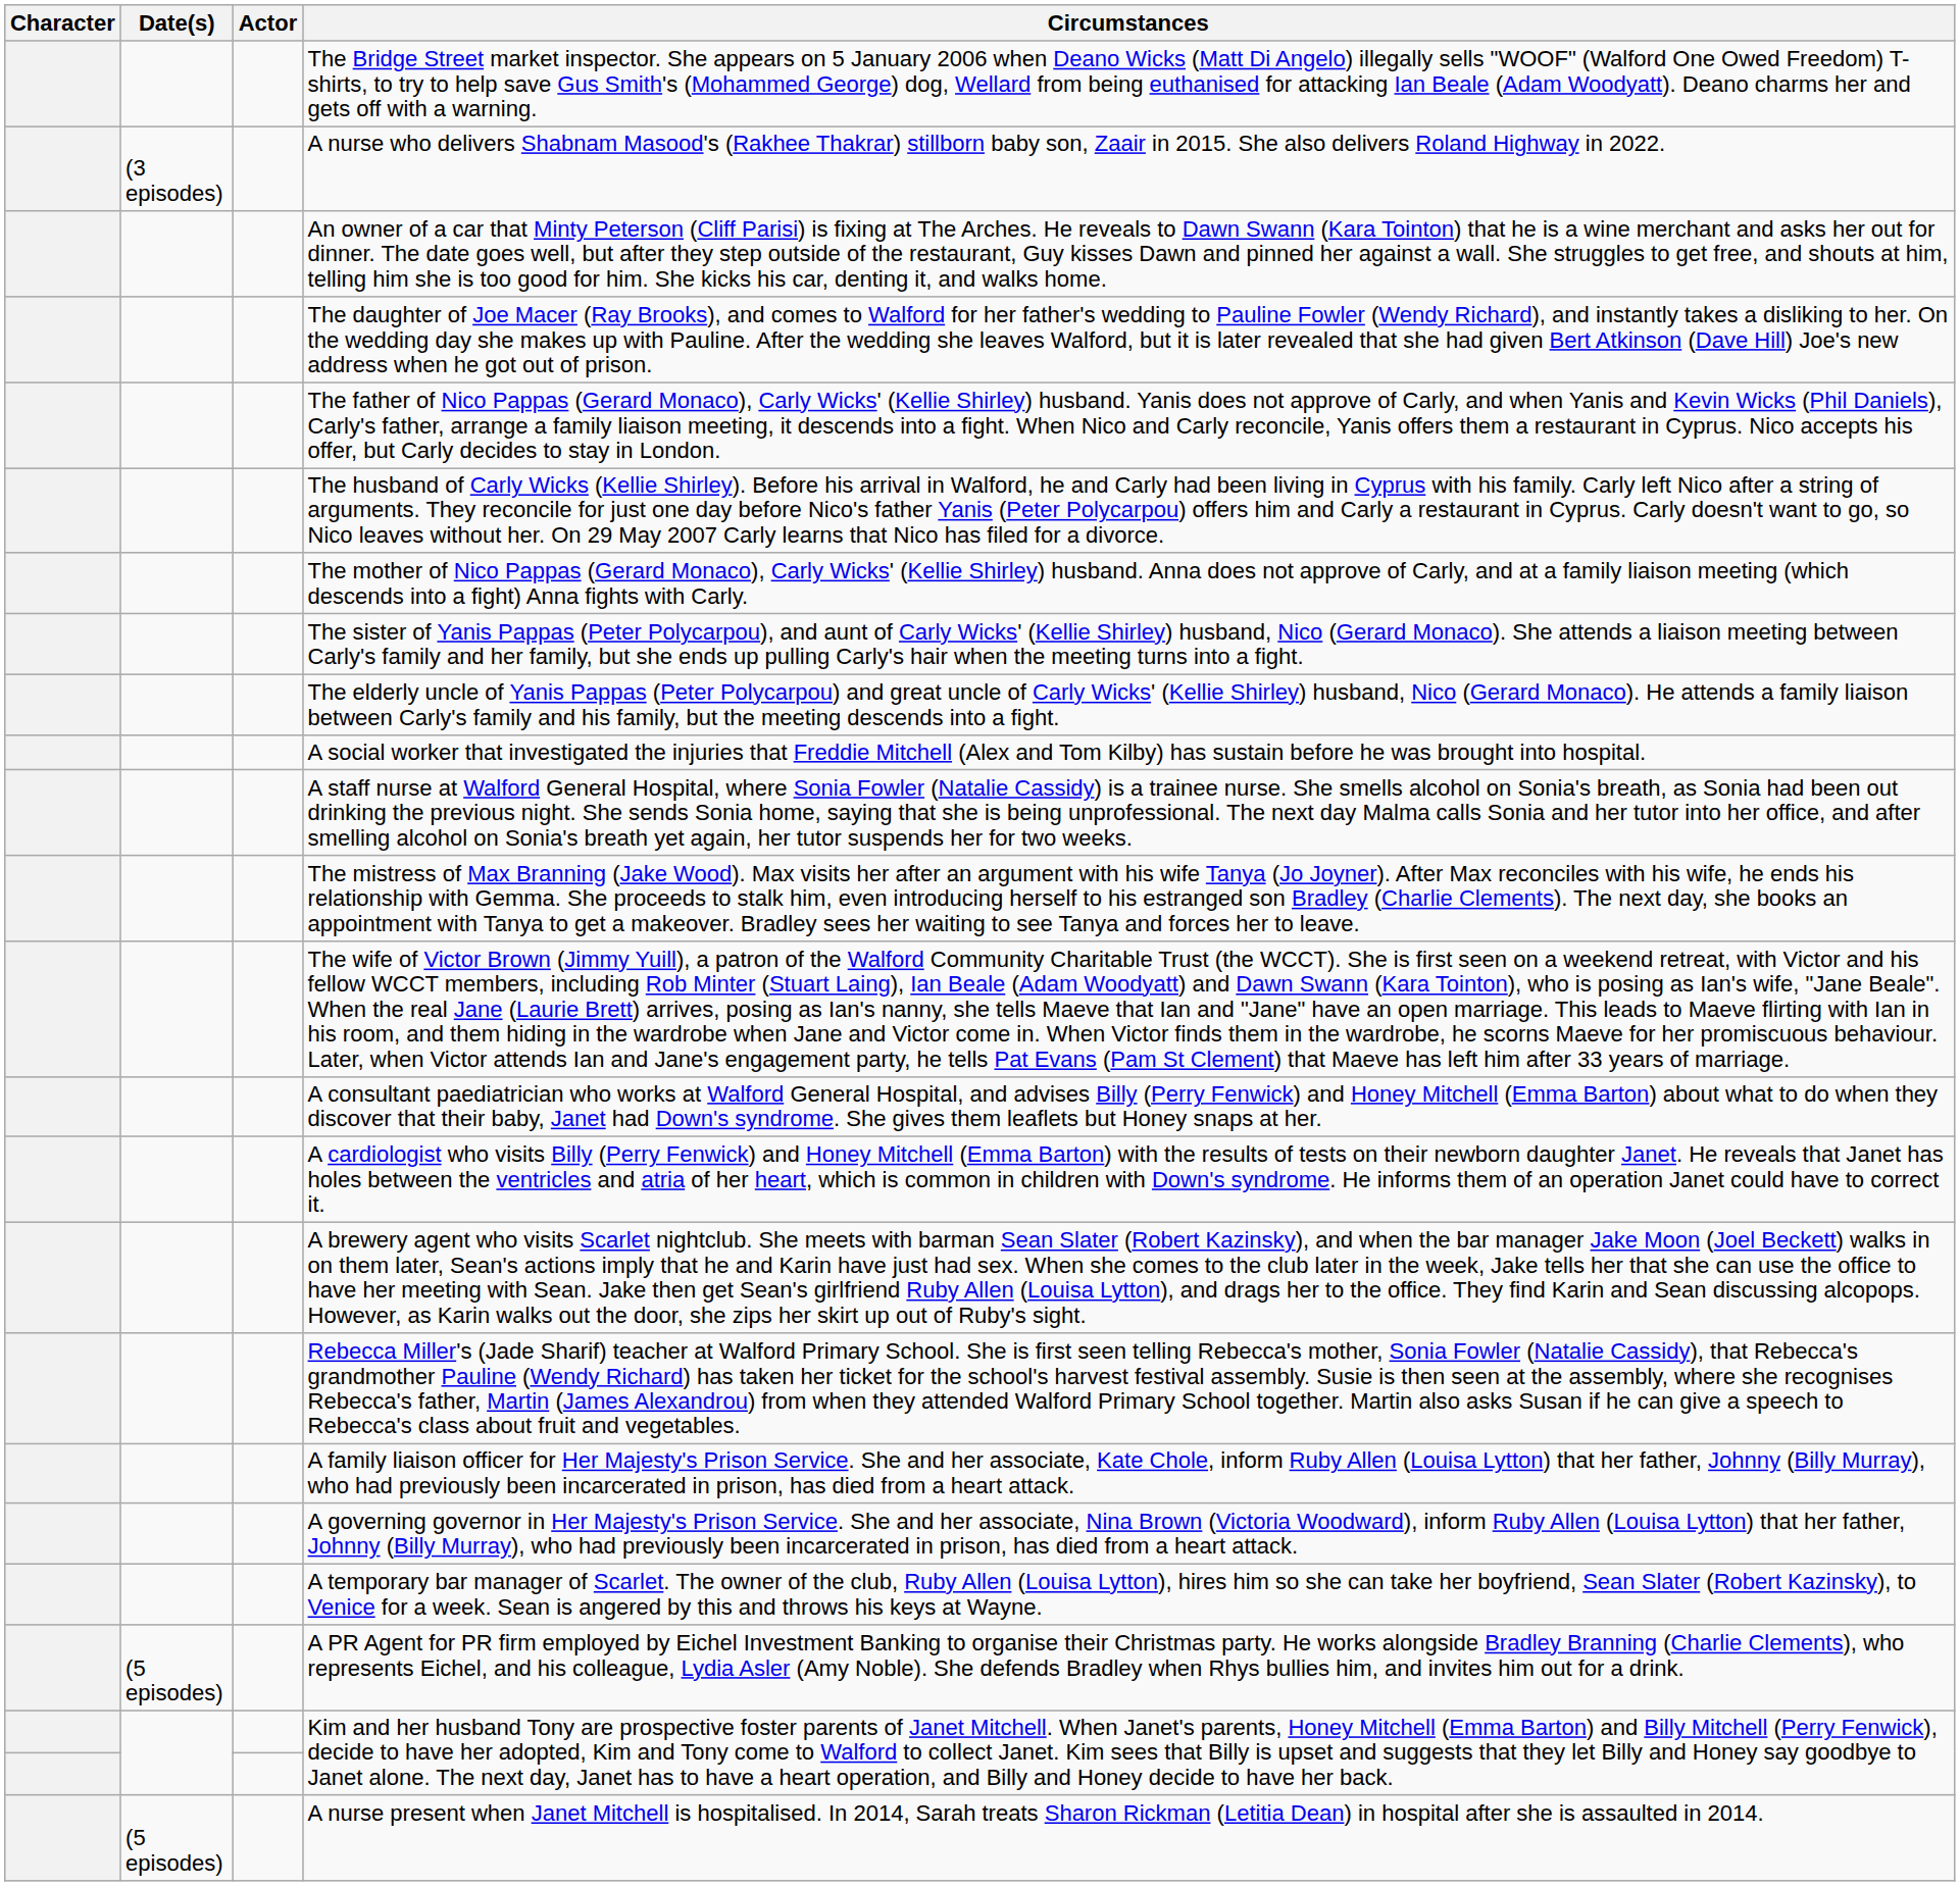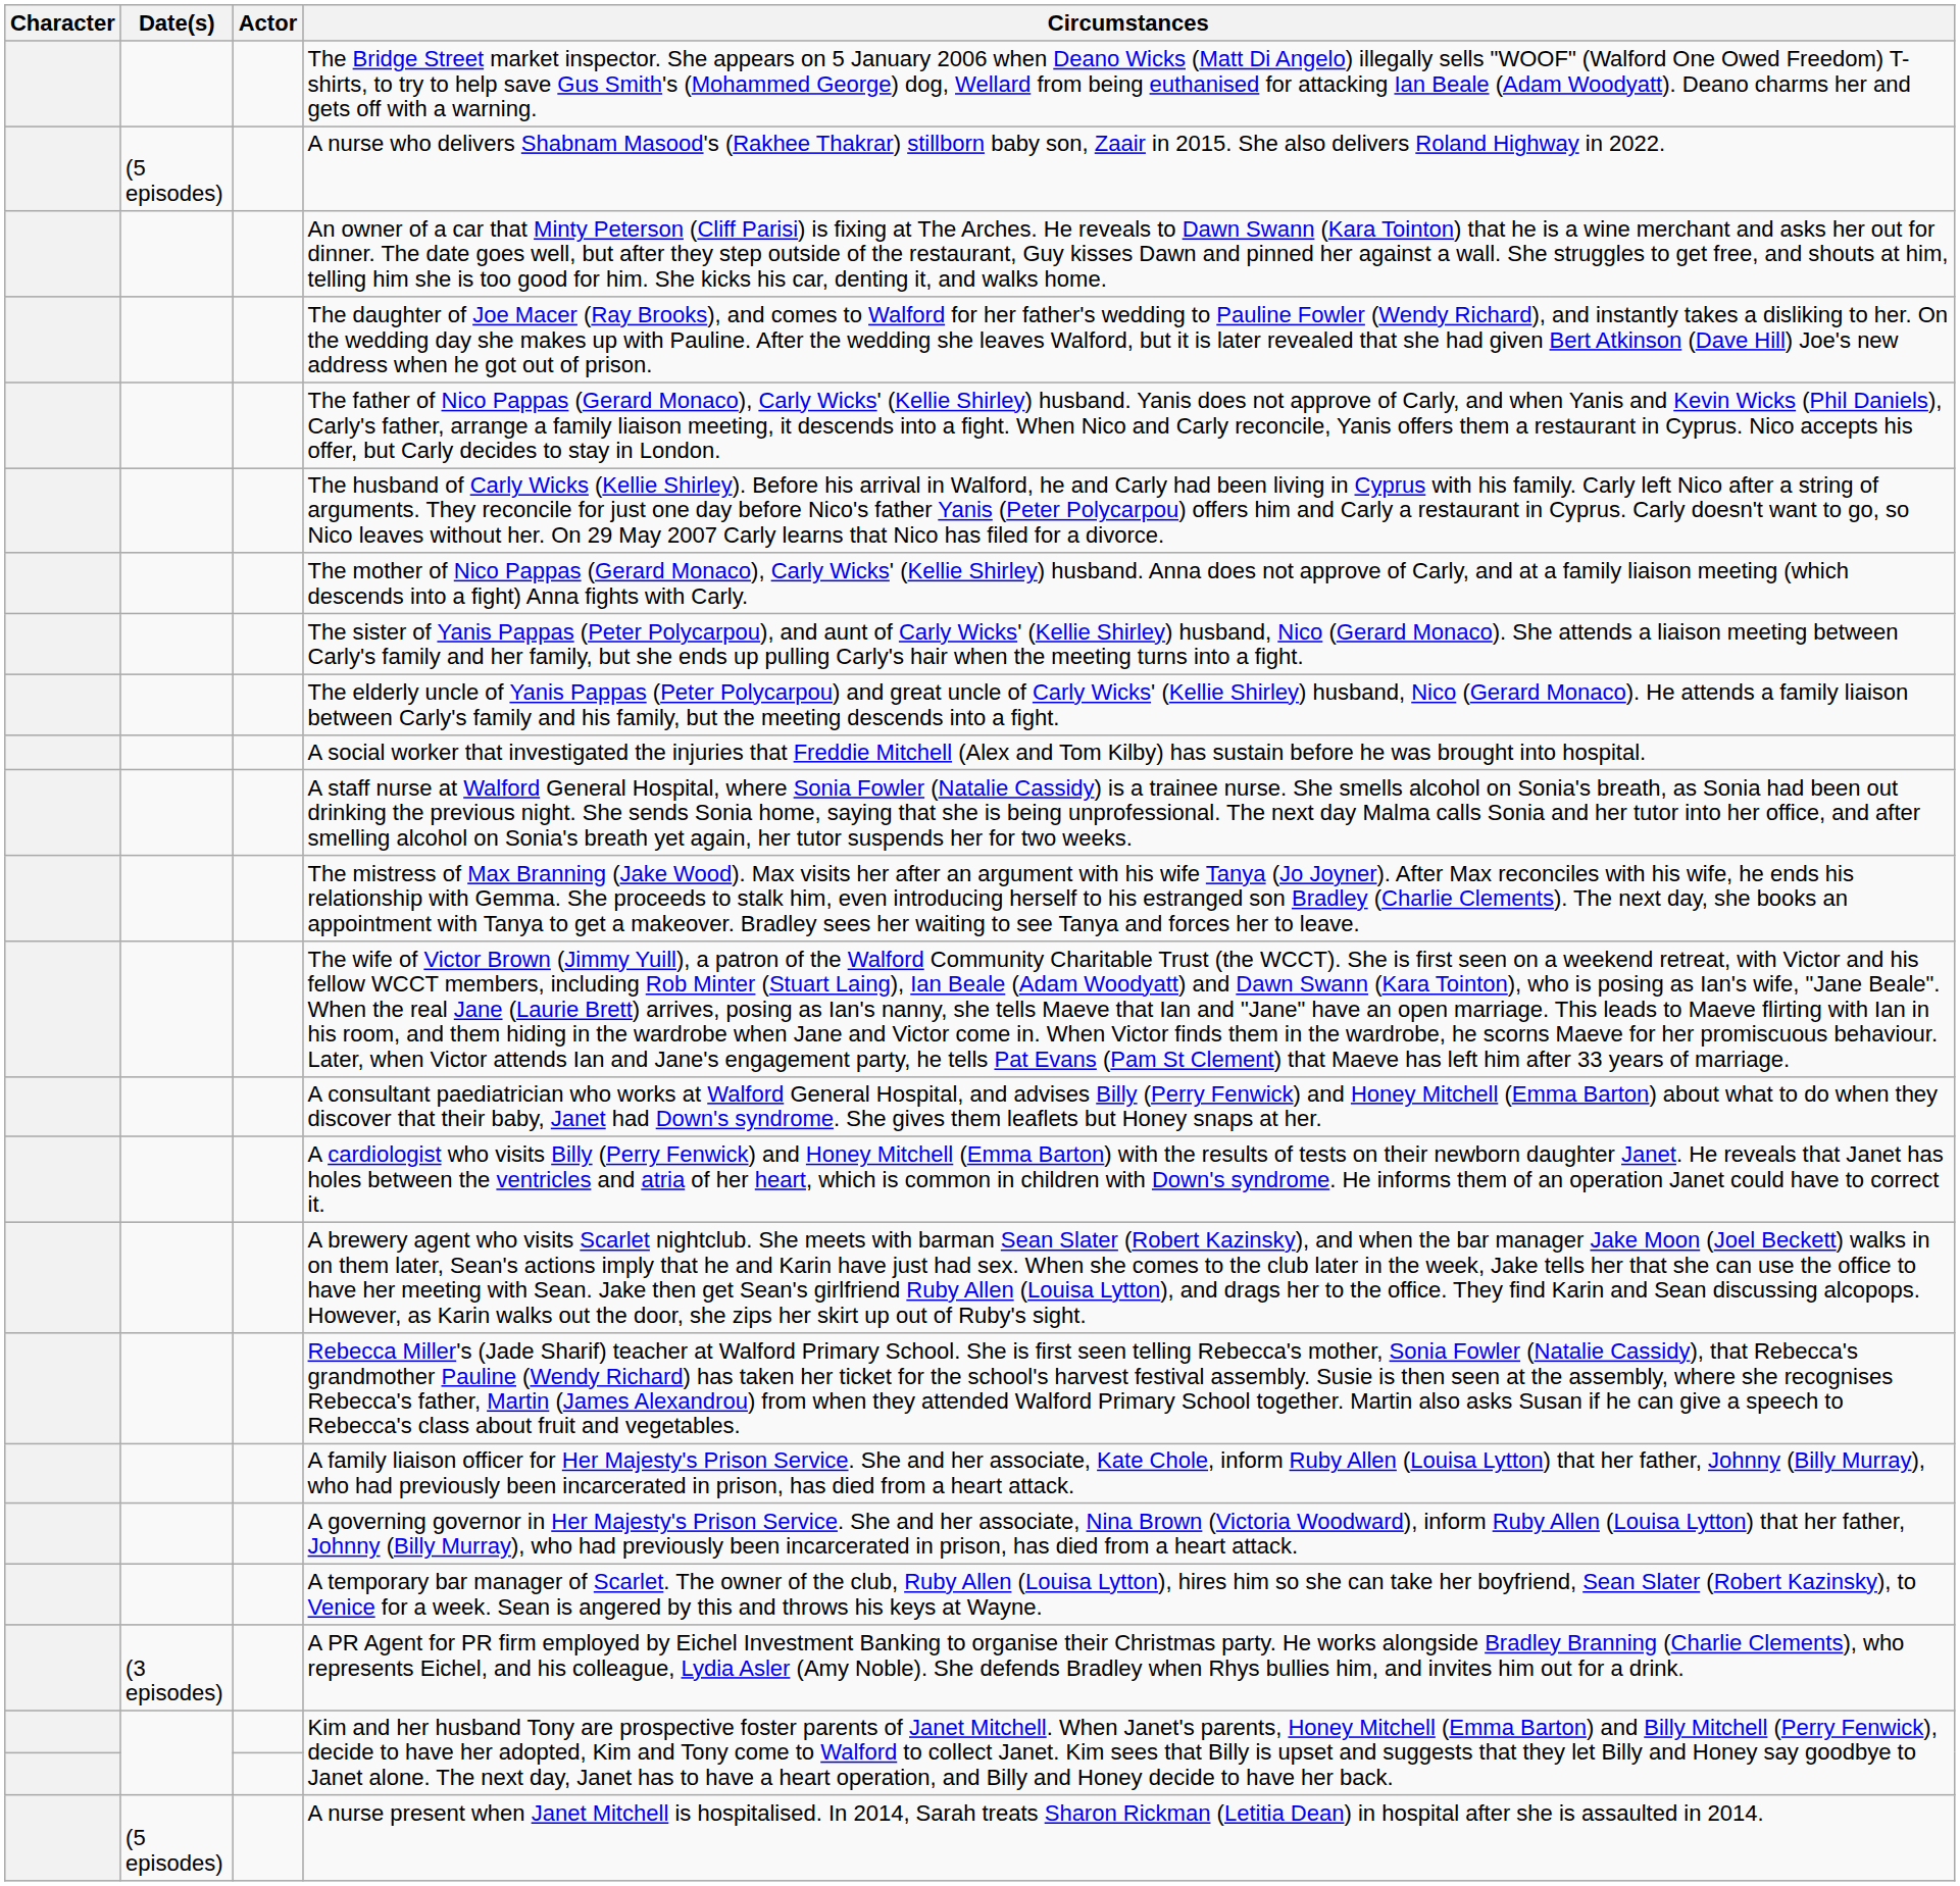 <table class="wikitable plainrowheaders" style="font-size:90%">
 <tr valign="top">
 <th scope="col">Character</th>
 <th scope="col">Date(s)</th>
 <th scope="col">Actor</th>
 <th scope="col">Circumstances</th>
 </tr>
 <tr valign="top">
 <th scope="row"></th>
 <td></td>
 <td></td>
 <td>The <a href='#'>Bridge Street</a> market inspector. She appears on 5 January 2006 when <a href='#'>Deano Wicks</a> (<a href='#'>Matt Di Angelo</a>) illegally sells "WOOF" (Walford One Owed Freedom) T-shirts, to try to help save <a href='#'>Gus Smith</a>'s (<a href='#'>Mohammed George</a>) dog, <a href='#'>Wellard</a> from being <a href='#'>euthanised</a> for attacking <a href='#'>Ian Beale</a> (<a href='#'>Adam Woodyatt</a>). Deano charms her and gets off with a warning.</td>
 </tr>
 <tr valign="top">
 <th scope="row"></th>
-<td><br>(3 episodes)</td>
+<td><br>(5 episodes)</td>
 <td></td>
 <td>A nurse who delivers <a href='#'>Shabnam Masood</a>'s (<a href='#'>Rakhee Thakrar</a>) <a href='#'>stillborn</a> baby son, <a href='#'>Zaair</a> in 2015. She also delivers <a href='#'>Roland Highway</a> in 2022.</td>
 </tr>
 <tr valign="top">
 <th scope="row"></th>
 <td></td>
 <td></td>
 <td>An owner of a car that <a href='#'>Minty Peterson</a> (<a href='#'>Cliff Parisi</a>) is fixing at The Arches. He reveals to <a href='#'>Dawn Swann</a> (<a href='#'>Kara Tointon</a>) that he is a wine merchant and asks her out for dinner. The date goes well, but after they step outside of the restaurant, Guy kisses Dawn and pinned her against a wall. She struggles to get free, and shouts at him, telling him she is too good for him. She kicks his car, denting it, and walks home.</td>
 </tr>
 <tr valign="top">
 <th scope="row"></th>
 <td></td>
 <td></td>
 <td>The daughter of <a href='#'>Joe Macer</a> (<a href='#'>Ray Brooks</a>), and comes to <a href='#'>Walford</a> for her father's wedding to <a href='#'>Pauline Fowler</a> (<a href='#'>Wendy Richard</a>), and instantly takes a disliking to her. On the wedding day she makes up with Pauline. After the wedding she leaves Walford, but it is later revealed that she had given <a href='#'>Bert Atkinson</a> (<a href='#'>Dave Hill</a>) Joe's new address when he got out of prison.</td>
 </tr>
 <tr valign="top">
 <th scope="row"></th>
 <td></td>
 <td></td>
 <td>The father of <a href='#'>Nico Pappas</a> (<a href='#'>Gerard Monaco</a>), <a href='#'>Carly Wicks</a>' (<a href='#'>Kellie Shirley</a>) husband. Yanis does not approve of Carly, and when Yanis and <a href='#'>Kevin Wicks</a> (<a href='#'>Phil Daniels</a>), Carly's father, arrange a family liaison meeting, it descends into a fight. When Nico and Carly reconcile, Yanis offers them a restaurant in Cyprus. Nico accepts his offer, but Carly decides to stay in London.</td>
 </tr>
 <tr valign="top">
 <th scope="row"></th>
 <td></td>
 <td></td>
 <td>The husband of <a href='#'>Carly Wicks</a> (<a href='#'>Kellie Shirley</a>). Before his arrival in Walford, he and Carly had been living in <a href='#'>Cyprus</a> with his family. Carly left Nico after a string of arguments. They reconcile for just one day before Nico's father <a href='#'>Yanis</a> (<a href='#'>Peter Polycarpou</a>) offers him and Carly a restaurant in Cyprus. Carly doesn't want to go, so Nico leaves without her. On 29 May 2007 Carly learns that Nico has filed for a divorce.</td>
 </tr>
 <tr valign="top">
 <th scope="row"></th>
 <td></td>
 <td></td>
 <td>The mother of <a href='#'>Nico Pappas</a> (<a href='#'>Gerard Monaco</a>), <a href='#'>Carly Wicks</a>' (<a href='#'>Kellie Shirley</a>) husband. Anna does not approve of Carly, and at a family liaison meeting (which descends into a fight) Anna fights with Carly.</td>
 </tr>
 <tr valign="top">
 <th scope="row"></th>
 <td></td>
 <td></td>
 <td>The sister of <a href='#'>Yanis Pappas</a> (<a href='#'>Peter Polycarpou</a>), and aunt of <a href='#'>Carly Wicks</a>' (<a href='#'>Kellie Shirley</a>) husband, <a href='#'>Nico</a> (<a href='#'>Gerard Monaco</a>). She attends a liaison meeting between Carly's family and her family, but she ends up pulling Carly's hair when the meeting turns into a fight.</td>
 </tr>
 <tr valign="top">
 <th scope="row"></th>
 <td></td>
 <td></td>
 <td>The elderly uncle of <a href='#'>Yanis Pappas</a> (<a href='#'>Peter Polycarpou</a>) and great uncle of <a href='#'>Carly Wicks</a>' (<a href='#'>Kellie Shirley</a>) husband, <a href='#'>Nico</a> (<a href='#'>Gerard Monaco</a>). He attends a family liaison between Carly's family and his family, but the meeting descends into a fight.</td>
 </tr>
 <tr valign="top">
 <th scope="row"></th>
 <td></td>
 <td></td>
 <td>A social worker that investigated the injuries that <a href='#'>Freddie Mitchell</a> (Alex and Tom Kilby) has sustain before he was brought into hospital.</td>
 </tr>
 <tr valign="top">
 <th scope="row"></th>
 <td></td>
 <td></td>
 <td>A staff nurse at <a href='#'>Walford</a> General Hospital, where <a href='#'>Sonia Fowler</a> (<a href='#'>Natalie Cassidy</a>) is a trainee nurse. She smells alcohol on Sonia's breath, as Sonia had been out drinking the previous night. She sends Sonia home, saying that she is being unprofessional. The next day Malma calls Sonia and her tutor into her office, and after smelling alcohol on Sonia's breath yet again, her tutor suspends her for two weeks.</td>
 </tr>
 <tr valign="top">
 <th scope="row"></th>
 <td></td>
 <td></td>
 <td>The mistress of <a href='#'>Max Branning</a> (<a href='#'>Jake Wood</a>). Max visits her after an argument with his wife <a href='#'>Tanya</a> (<a href='#'>Jo Joyner</a>). After Max reconciles with his wife, he ends his relationship with Gemma. She proceeds to stalk him, even introducing herself to his estranged son <a href='#'>Bradley</a> (<a href='#'>Charlie Clements</a>). The next day, she books an appointment with Tanya to get a makeover. Bradley sees her waiting to see Tanya and forces her to leave.</td>
 </tr>
 <tr valign="top">
 <th scope="row"></th>
 <td></td>
 <td></td>
 <td>The wife of <a href='#'>Victor Brown</a> (<a href='#'>Jimmy Yuill</a>), a patron of the <a href='#'>Walford</a> Community Charitable Trust (the WCCT). She is first seen on a weekend retreat, with Victor and his fellow WCCT members, including <a href='#'>Rob Minter</a> (<a href='#'>Stuart Laing</a>), <a href='#'>Ian Beale</a> (<a href='#'>Adam Woodyatt</a>) and <a href='#'>Dawn Swann</a> (<a href='#'>Kara Tointon</a>), who is posing as Ian's wife, "Jane Beale". When the real <a href='#'>Jane</a> (<a href='#'>Laurie Brett</a>) arrives, posing as Ian's nanny, she tells Maeve that Ian and "Jane" have an open marriage. This leads to Maeve flirting with Ian in his room, and them hiding in the wardrobe when Jane and Victor come in. When Victor finds them in the wardrobe, he scorns Maeve for her promiscuous behaviour. Later, when Victor attends Ian and Jane's engagement party, he tells <a href='#'>Pat Evans</a> (<a href='#'>Pam St Clement</a>) that Maeve has left him after 33 years of marriage.</td>
 </tr>
 <tr valign="top">
 <th scope="row"></th>
 <td></td>
 <td></td>
 <td>A consultant paediatrician who works at <a href='#'>Walford</a> General Hospital, and advises <a href='#'>Billy</a> (<a href='#'>Perry Fenwick</a>) and <a href='#'>Honey Mitchell</a> (<a href='#'>Emma Barton</a>) about what to do when they discover that their baby, <a href='#'>Janet</a> had <a href='#'>Down's syndrome</a>. She gives them leaflets but Honey snaps at her.</td>
 </tr>
 <tr valign="top">
 <th scope="row"></th>
 <td></td>
 <td></td>
 <td>A <a href='#'>cardiologist</a> who visits <a href='#'>Billy</a> (<a href='#'>Perry Fenwick</a>) and <a href='#'>Honey Mitchell</a> (<a href='#'>Emma Barton</a>) with the results of tests on their newborn daughter <a href='#'>Janet</a>. He reveals that Janet has holes between the <a href='#'>ventricles</a> and <a href='#'>atria</a> of her <a href='#'>heart</a>, which is common in children with <a href='#'>Down's syndrome</a>. He informs them of an operation Janet could have to correct it.</td>
 </tr>
 <tr valign="top">
 <th scope="row"></th>
 <td></td>
 <td></td>
 <td>A brewery agent who visits <a href='#'>Scarlet</a> nightclub. She meets with barman <a href='#'>Sean Slater</a> (<a href='#'>Robert Kazinsky</a>), and when the bar manager <a href='#'>Jake Moon</a> (<a href='#'>Joel Beckett</a>) walks in on them later, Sean's actions imply that he and Karin have just had sex. When she comes to the club later in the week, Jake tells her that she can use the office to have her meeting with Sean. Jake then get Sean's girlfriend <a href='#'>Ruby Allen</a> (<a href='#'>Louisa Lytton</a>), and drags her to the office. They find Karin and Sean discussing alcopops. However, as Karin walks out the door, she zips her skirt up out of Ruby's sight.</td>
 </tr>
 <tr valign="top">
 <th scope="row"></th>
 <td></td>
 <td></td>
 <td><a href='#'>Rebecca Miller</a>'s (Jade Sharif) teacher at Walford Primary School. She is first seen telling Rebecca's mother, <a href='#'>Sonia Fowler</a> (<a href='#'>Natalie Cassidy</a>), that Rebecca's grandmother <a href='#'>Pauline</a> (<a href='#'>Wendy Richard</a>) has taken her ticket for the school's harvest festival assembly. Susie is then seen at the assembly, where she recognises Rebecca's father, <a href='#'>Martin</a> (<a href='#'>James Alexandrou</a>) from when they attended Walford Primary School together. Martin also asks Susan if he can give a speech to Rebecca's class about fruit and vegetables.</td>
 </tr>
 <tr valign="top">
 <th scope="row"></th>
 <td></td>
 <td></td>
 <td>A family liaison officer for <a href='#'>Her Majesty's Prison Service</a>. She and her associate, <a href='#'>Kate Chole</a>, inform <a href='#'>Ruby Allen</a> (<a href='#'>Louisa Lytton</a>) that her father, <a href='#'>Johnny</a> (<a href='#'>Billy Murray</a>), who had previously been incarcerated in prison, has died from a heart attack.</td>
 </tr>
 <tr valign="top">
 <th scope="row"></th>
 <td></td>
 <td></td>
 <td>A governing governor in <a href='#'>Her Majesty's Prison Service</a>. She and her associate, <a href='#'>Nina Brown</a> (<a href='#'>Victoria Woodward</a>), inform <a href='#'>Ruby Allen</a> (<a href='#'>Louisa Lytton</a>) that her father, <a href='#'>Johnny</a> (<a href='#'>Billy Murray</a>), who had previously been incarcerated in prison, has died from a heart attack.</td>
 </tr>
 <tr valign="top">
 <th scope="row"></th>
 <td></td>
 <td></td>
 <td>A temporary bar manager of <a href='#'>Scarlet</a>. The owner of the club, <a href='#'>Ruby Allen</a> (<a href='#'>Louisa Lytton</a>), hires him so she can take her boyfriend, <a href='#'>Sean Slater</a> (<a href='#'>Robert Kazinsky</a>), to <a href='#'>Venice</a> for a week. Sean is angered by this and throws his keys at Wayne.</td>
 </tr>
 <tr valign="top">
 <th scope="row"></th>
-<td><br>(5 episodes)</td>
+<td><br>(3 episodes)</td>
 <td></td>
 <td>A PR Agent for PR firm employed by Eichel Investment Banking to organise their Christmas party. He works alongside <a href='#'>Bradley Branning</a> (<a href='#'>Charlie Clements</a>), who represents Eichel, and his colleague, <a href='#'>Lydia Asler</a> (Amy Noble). She defends Bradley when Rhys bullies him, and invites him out for a drink.</td>
 </tr>
 <tr valign="top">
 <th scope="row"></th>
 <td rowspan="2"></td>
 <td></td>
 <td rowspan="2">Kim and her husband Tony are prospective foster parents of <a href='#'>Janet Mitchell</a>. When Janet's parents, <a href='#'>Honey Mitchell</a> (<a href='#'>Emma Barton</a>) and <a href='#'>Billy Mitchell</a> (<a href='#'>Perry Fenwick</a>), decide to have her adopted, Kim and Tony come to <a href='#'>Walford</a> to collect Janet. Kim sees that Billy is upset and suggests that they let Billy and Honey say goodbye to Janet alone. The next day, Janet has to have a heart operation, and Billy and Honey decide to have her back.</td>
 </tr>
 <tr valign="top">
 <th scope="row"></th>
 <td></td>
 </tr>
 <tr valign="top">
 <th scope="row"></th>
 <td><br>(5 episodes)</td>
 <td></td>
 <td>A nurse present when <a href='#'>Janet Mitchell</a> is hospitalised. In 2014, Sarah treats <a href='#'>Sharon Rickman</a> (<a href='#'>Letitia Dean</a>) in hospital after she is assaulted in 2014.</td>
 </tr>
 </table>
